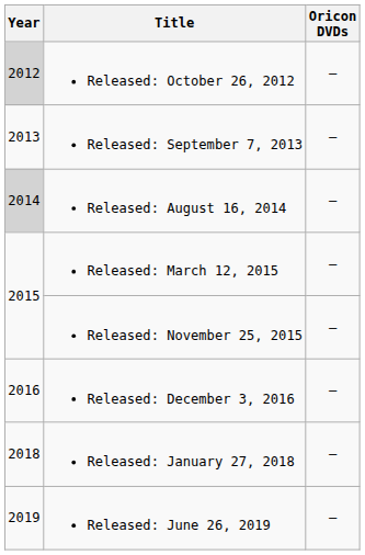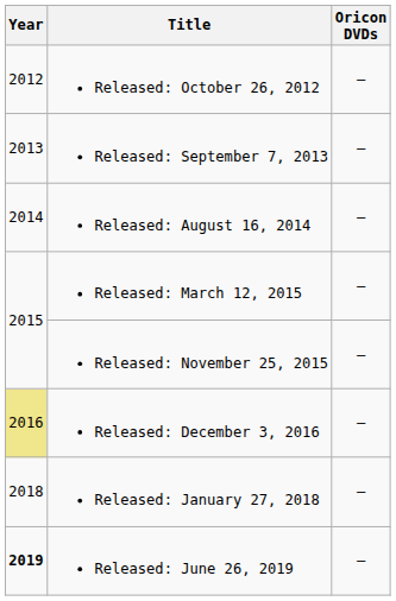 <table class="wikitable">
 <tr>
 <th>Year</th>
 <th>Title</th>
 <th>Oricon<br>DVDs</th>
 </tr>
 <tr>
-<td style="background: lightgrey;">2012</td>
+<td>2012</td>
 <td><br><ul><li>Released: October 26, 2012</li></ul></td>
 <td align="center">—</td>
 </tr>
 <tr>
 <td>2013</td>
 <td><br><ul><li>Released: September 7, 2013</li></ul></td>
 <td align="center">—</td>
 </tr>
 <tr>
-<td style="background: lightgrey;">2014</td>
+<td>2014</td>
 <td><br><ul><li>Released: August 16, 2014</li></ul></td>
 <td align="center">—</td>
 </tr>
 <tr>
 <td rowspan="2">2015</td>
 <td><br><ul><li>Released: March 12, 2015</li></ul></td>
 <td align="center">—</td>
 </tr>
 <tr>
 <td><br><ul><li>Released: November 25, 2015</li></ul></td>
 <td align="center">—</td>
 </tr>
 <tr>
-<td>2016</td>
+<td style="background: khaki;">2016</td>
 <td><br><ul><li>Released: December 3, 2016</li></ul></td>
 <td align="center">—</td>
 </tr>
 <tr>
 <td>2018</td>
 <td><br><ul><li>Released: January 27, 2018</li></ul></td>
 <td align="center">—</td>
 </tr>
 <tr>
-<td>2019</td>
+<td><strong>2019</strong></td>
 <td><br><ul><li>Released: June 26, 2019</li></ul></td>
 <td align="center">—</td>
 </tr>
 </table>
